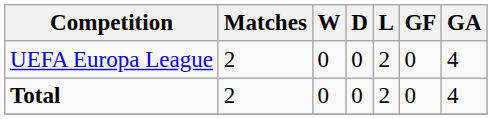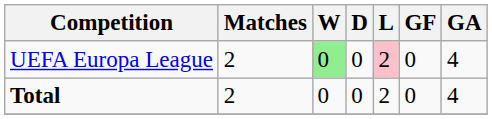 <table class="wikitable">
 <tr>
 <th>Competition</th>
 <th>Matches</th>
 <th>W</th>
 <th>D</th>
 <th>L</th>
 <th>GF</th>
 <th>GA</th>
 </tr>
 <tr>
 <td><a href='#'>UEFA Europa League</a></td>
 <td>2</td>
+<td style="background: lightgreen;">0</td>
 <td>0</td>
-<td>0</td>
-<td>2</td>
+<td style="background: pink;">2</td>
 <td>0</td>
 <td>4</td>
 </tr>
 <tr>
 <td><strong>Total</strong></td>
 <td>2</td>
 <td>0</td>
 <td>0</td>
 <td>2</td>
 <td>0</td>
 <td>4</td>
 </tr>
 <tr>
 </tr>
 </table>
